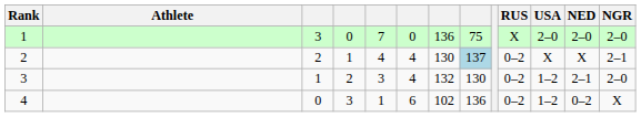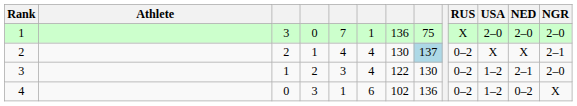 <table class="wikitable" style="text-align:center">
 <tr>
 <th>Rank</th>
 <th width=300>Athlete</th>
 <th width=30></th>
 <th width=30></th>
 <th width=30></th>
 <th width=30></th>
 <th width=30></th>
 <th width=30></th>
 <th rowspan=5></th>
 <th width=30>RUS</th>
 <th width=30>USA</th>
 <th width=30>NED</th>
 <th width=30>NGR</th>
 </tr>
 <tr style="background-color:#ccffcc;">
 <td>1</td>
 <td align=left></td>
 <td>3</td>
 <td>0</td>
 <td>7</td>
-<td>0</td>
+<td>1</td>
 <td>136</td>
 <td>75</td>
 <td>X</td>
 <td>2–0</td>
 <td>2–0</td>
 <td>2–0</td>
 </tr>
 <tr>
 <td>2</td>
 <td align=left></td>
 <td>2</td>
 <td>1</td>
 <td>4</td>
 <td>4</td>
 <td>130</td>
 <td style="background: lightblue;">137</td>
 <td>0–2</td>
 <td>X</td>
 <td>X</td>
 <td>2–1</td>
 </tr>
 <tr>
 <td>3</td>
 <td align=left></td>
 <td>1</td>
 <td>2</td>
 <td>3</td>
 <td>4</td>
-<td>132</td>
+<td>122</td>
 <td>130</td>
 <td>0–2</td>
 <td>1–2</td>
 <td>2–1</td>
 <td>2–0</td>
 </tr>
 <tr>
 <td>4</td>
 <td align=left></td>
 <td>0</td>
 <td>3</td>
 <td>1</td>
 <td>6</td>
 <td>102</td>
 <td>136</td>
 <td>0–2</td>
 <td>1–2</td>
 <td>0–2</td>
 <td>X</td>
 </tr>
 </table>
